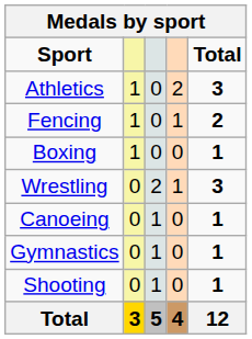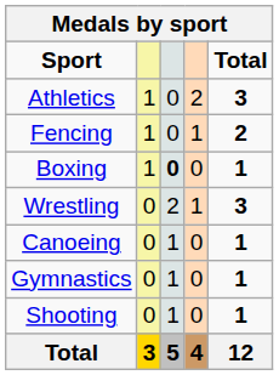 <table class="wikitable" style=font-size:85%;float:center;text-align:center>
 <tr style="background:#efefef;">
 <th colspan=5><strong>Medals by sport</strong></th>
 </tr>
 <tr align=center>
 <td><strong>Sport</strong></td>
 <td bgcolor=#f7f6a8></td>
 <td bgcolor=#dce5e5></td>
 <td bgcolor=#ffdab9></td>
 <td><strong>Total</strong></td>
 </tr>
 <tr align=center>
 <td><a href='#'>Athletics</a></td>
 <td style="background:#F7F6A8;">1</td>
 <td style="background:#DCE5E5;">0</td>
 <td style="background:#FFDAB9;">2</td>
 <td><strong>3</strong></td>
 </tr>
 <tr align=center>
 <td><a href='#'>Fencing</a></td>
 <td style="background:#F7F6A8;">1</td>
 <td style="background:#DCE5E5;">0</td>
 <td style="background:#FFDAB9;">1</td>
 <td><strong>2</strong></td>
 </tr>
 <tr align=center>
 <td><a href='#'>Boxing</a></td>
 <td style="background:#F7F6A8;">1</td>
-<td style="background:#DCE5E5;">0</td>
+<td style="background:#DCE5E5;"><strong>0</strong></td>
 <td style="background:#FFDAB9;">0</td>
 <td><strong>1</strong></td>
 </tr>
 <tr align=center>
 <td><a href='#'>Wrestling</a></td>
 <td style="background:#F7F6A8;">0</td>
 <td style="background:#DCE5E5;">2</td>
 <td style="background:#FFDAB9;">1</td>
 <td><strong>3</strong></td>
 </tr>
 <tr align=center>
 <td><a href='#'>Canoeing</a></td>
 <td style="background:#F7F6A8;">0</td>
 <td style="background:#DCE5E5;">1</td>
 <td style="background:#FFDAB9;">0</td>
 <td><strong>1</strong></td>
 </tr>
 <tr align=center>
 <td><a href='#'>Gymnastics</a></td>
 <td style="background:#F7F6A8;">0</td>
 <td style="background:#DCE5E5;">1</td>
 <td style="background:#FFDAB9;">0</td>
 <td><strong>1</strong></td>
 </tr>
 <tr align=center>
 <td><a href='#'>Shooting</a></td>
 <td style="background:#F7F6A8;">0</td>
 <td style="background:#DCE5E5;">1</td>
 <td style="background:#FFDAB9;">0</td>
 <td><strong>1</strong></td>
 </tr>
 <tr align=center>
 <th><strong>Total</strong></th>
 <th style="background:gold;"><strong>3</strong></th>
 <th style="background:silver;"><strong>5</strong></th>
 <th style="background:#c96;"><strong>4</strong></th>
 <th><strong>12</strong></th>
 </tr>
 </table>
